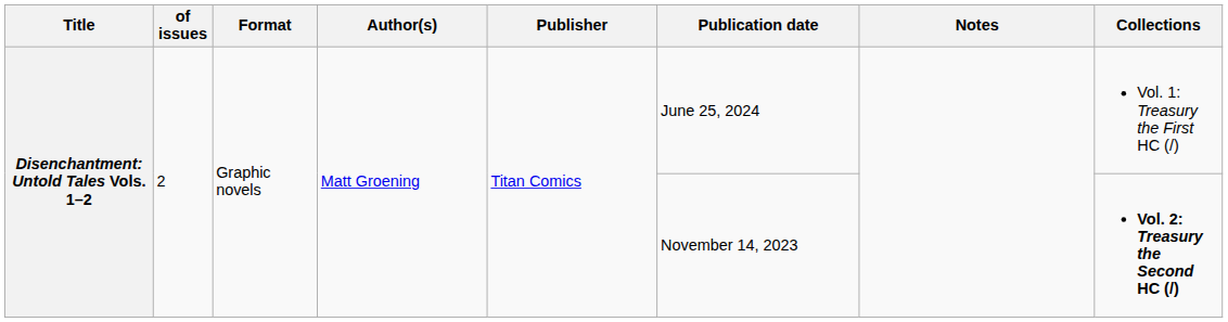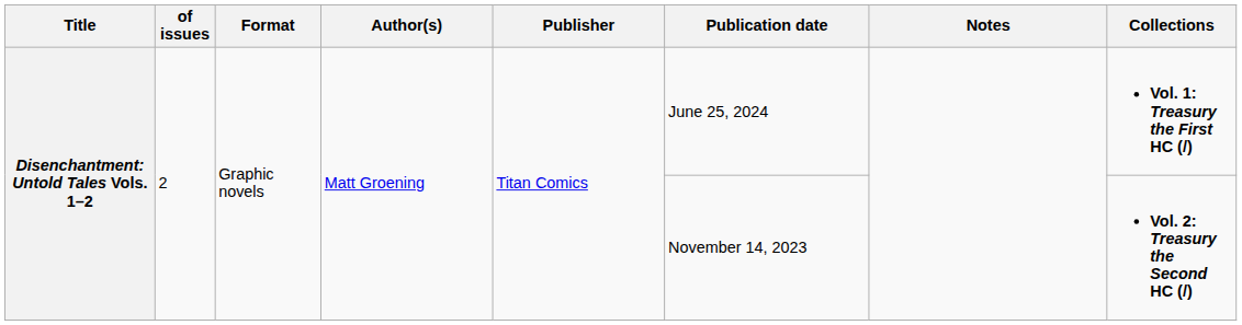 <table class="wikitable">
 <tr>
 <th>Title</th>
 <th style="width:40pt"> of issues</th>
 <th style="width:75pt">Format</th>
 <th style="width:125pt">Author(s)</th>
 <th style="width:125pt">Publisher</th>
 <th style="width:150pt">Publication date</th>
 <th style="width:175pt">Notes</th>
 <th>Collections</th>
 </tr>
 <tr>
 <th rowspan="2"><em>Disenchantment: Untold Tales</em> Vols. 1–2</th>
 <td rowspan="2">2</td>
 <td rowspan="2">Graphic novels</td>
 <td rowspan="2"><a href='#'>Matt Groening</a></td>
 <td rowspan="2"><a href='#'>Titan Comics</a></td>
 <td>June 25, 2024</td>
 <td rowspan="2"></td>
-<td><br><ul><li>Vol. 1: <em>Treasury the First</em> HC (/)</li></ul></td>
+<td><strong><br><ul><li>Vol. 1: <em>Treasury the First</em> HC (/)</li></ul></strong></td>
 </tr>
 <tr>
 <td>November 14, 2023</td>
 <td><strong><br><ul><li>Vol. 2: <em>Treasury the Second</em> HC (/)</li></ul></strong></td>
 </tr>
 </table>
